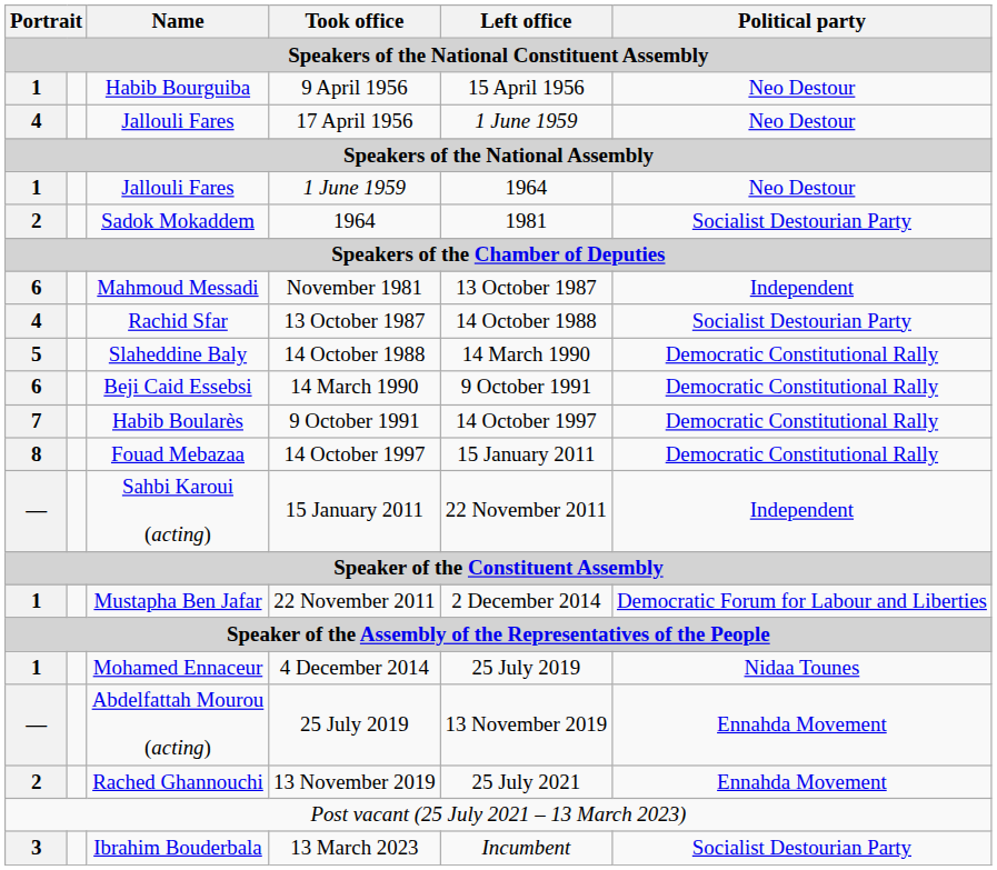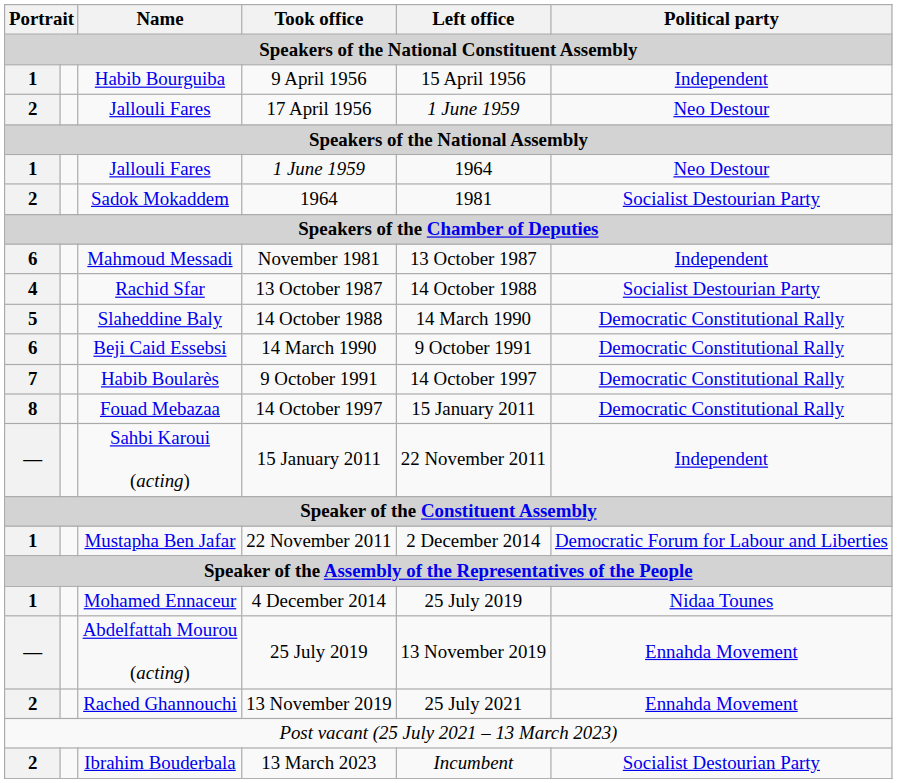 <table class="wikitable" style="text-align:center">
 <tr>
 <th colspan=2>Portrait</th>
 <th>Name</th>
 <th>Took office</th>
 <th>Left office</th>
 <th>Political party</th>
 </tr>
 <tr>
 <td colspan="6" bgcolor="lightgrey" align=center><strong>Speakers of the National Constituent Assembly</strong></td>
 </tr>
 <tr>
 <th style="background:">1</th>
 <td></td>
 <td><a href='#'>Habib Bourguiba</a><br></td>
 <td>9 April 1956</td>
 <td>15 April 1956</td>
-<td><a href='#'>Neo Destour</a></td>
+<td><a href='#'>Independent</a></td>
 </tr>
 <tr>
-<th style="background:">4</th>
+<th style="background:">2</th>
 <td></td>
 <td><a href='#'>Jallouli Fares</a><br></td>
 <td>17 April 1956</td>
 <td><em>1 June 1959</em></td>
 <td><a href='#'>Neo Destour</a></td>
 </tr>
 <tr>
 <td colspan="6" bgcolor="lightgrey" align=center><strong>Speakers of the National Assembly</strong></td>
 </tr>
 <tr>
 <th style="background:">1</th>
 <td></td>
 <td><a href='#'>Jallouli Fares</a><br></td>
 <td><em>1 June 1959</em></td>
 <td>1964</td>
 <td><a href='#'>Neo Destour</a></td>
 </tr>
 <tr>
 <th style="background:">2</th>
 <td></td>
 <td><a href='#'>Sadok Mokaddem</a><br></td>
 <td>1964</td>
 <td>1981</td>
 <td><a href='#'>Socialist Destourian Party</a></td>
 </tr>
 <tr>
 <td colspan="6" bgcolor="lightgrey" align=center><strong>Speakers of the <a href='#'>Chamber of Deputies</a></strong></td>
 </tr>
 <tr>
 <th style="background:">6</th>
 <td></td>
 <td><a href='#'>Mahmoud Messadi</a><br></td>
 <td>November 1981</td>
 <td>13 October 1987</td>
 <td><a href='#'>Independent</a></td>
 </tr>
 <tr>
 <th style="background:">4</th>
 <td></td>
 <td><a href='#'>Rachid Sfar</a><br></td>
 <td>13 October 1987</td>
 <td>14 October 1988</td>
 <td><a href='#'>Socialist Destourian Party</a></td>
 </tr>
 <tr>
 <th style="background:">5</th>
 <td></td>
 <td><a href='#'>Slaheddine Baly</a><br></td>
 <td>14 October 1988</td>
 <td>14 March 1990</td>
 <td><a href='#'>Democratic Constitutional Rally</a></td>
 </tr>
 <tr>
 <th style="background:">6</th>
 <td></td>
 <td><a href='#'>Beji Caid Essebsi</a><br></td>
 <td>14 March 1990</td>
 <td>9 October 1991</td>
 <td><a href='#'>Democratic Constitutional Rally</a></td>
 </tr>
 <tr>
 <th style="background:">7</th>
 <td></td>
 <td><a href='#'>Habib Boularès</a><br></td>
 <td>9 October 1991</td>
 <td>14 October 1997</td>
 <td><a href='#'>Democratic Constitutional Rally</a></td>
 </tr>
 <tr>
 <th style="background:">8</th>
 <td></td>
 <td><a href='#'>Fouad Mebazaa</a><br></td>
 <td>14 October 1997</td>
 <td>15 January 2011</td>
 <td><a href='#'>Democratic Constitutional Rally</a></td>
 </tr>
 <tr>
 <th style="background: ">—</th>
 <td></td>
 <td><a href='#'>Sahbi Karoui</a><br><br>(<em>acting</em>)</td>
 <td>15 January 2011</td>
 <td>22 November 2011</td>
 <td><a href='#'>Independent</a></td>
 </tr>
 <tr>
 <td colspan="6" bgcolor="lightgrey" align=center><strong>Speaker of the <a href='#'>Constituent Assembly</a></strong></td>
 </tr>
 <tr>
 <th style="background:">1</th>
 <td></td>
 <td><a href='#'>Mustapha Ben Jafar</a><br></td>
 <td>22 November 2011</td>
 <td>2 December 2014</td>
 <td><a href='#'>Democratic Forum for Labour and Liberties</a></td>
 </tr>
 <tr>
 <td colspan="6" bgcolor="lightgrey" align=center><strong>Speaker of the <a href='#'>Assembly of the Representatives of the People</a></strong></td>
 </tr>
 <tr>
 <th style="background:">1</th>
 <td></td>
 <td><a href='#'>Mohamed Ennaceur</a><br></td>
 <td>4 December 2014</td>
 <td>25 July 2019</td>
 <td><a href='#'>Nidaa Tounes</a></td>
 </tr>
 <tr>
 <th style="background: ">—</th>
 <td></td>
 <td><a href='#'>Abdelfattah Mourou</a><br><br>(<em>acting</em>)</td>
 <td>25 July 2019</td>
 <td>13 November 2019</td>
 <td><a href='#'>Ennahda Movement</a></td>
 </tr>
 <tr>
 <th style="background: ">2</th>
 <td></td>
 <td><a href='#'>Rached Ghannouchi</a><br></td>
 <td>13 November 2019</td>
 <td>25 July 2021</td>
 <td><a href='#'>Ennahda Movement</a></td>
 </tr>
 <tr>
 <td colspan="9"><em>Post vacant (25 July 2021 – 13 March 2023)</em></td>
 </tr>
 <tr>
-<th style="background: ">3</th>
+<th style="background: ">2</th>
 <td></td>
 <td><a href='#'>Ibrahim Bouderbala</a><br></td>
 <td>13 March 2023</td>
 <td><em>Incumbent</em></td>
 <td><a href='#'>Socialist Destourian Party</a></td>
 </tr>
 </table>
